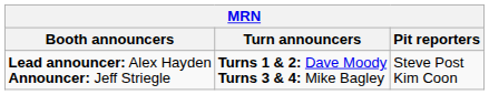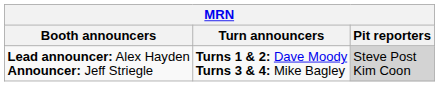 <table class="wikitable" style="font-size: 95%">
 <tr>
 <th colspan="3"><a href='#'>MRN</a></th>
 </tr>
 <tr>
 <th>Booth announcers</th>
 <th>Turn announcers</th>
 <th>Pit reporters</th>
 </tr>
 <tr>
 <td><strong>Lead announcer:</strong> Alex Hayden<br><strong>Announcer:</strong> Jeff Striegle</td>
 <td><strong>Turns 1 & 2: </strong><a href='#'>Dave Moody</a><br><strong>Turns 3 & 4: </strong>Mike Bagley</td>
-<td>Steve Post<br>Kim Coon</td>
+<td style="background: lightgrey;">Steve Post<br>Kim Coon</td>
 </tr>
 </table>
